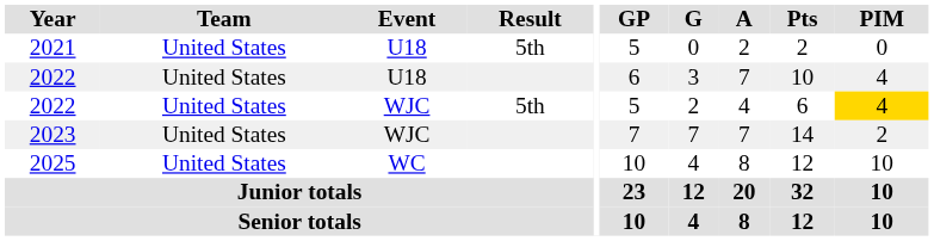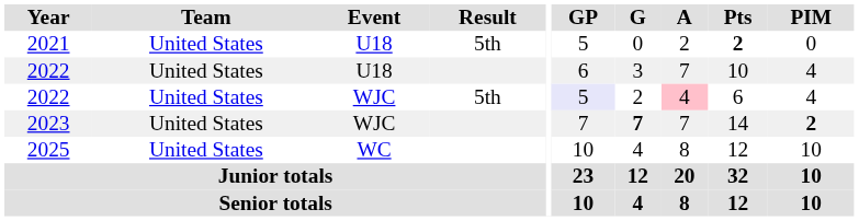 <table border="0" cellpadding="1" cellspacing="0" ID="Table3" style="text-align:center; width:40em;">
 <tr bgcolor="#e0e0e0">
 <th>Year</th>
 <th>Team</th>
 <th>Event</th>
 <th>Result</th>
 <th rowspan="99" bgcolor="#ffffff"></th>
 <th>GP</th>
 <th>G</th>
 <th>A</th>
 <th>Pts</th>
 <th>PIM</th>
 </tr>
 <tr>
 <td><a href='#'>2021</a></td>
 <td><a href='#'>United States</a></td>
 <td><a href='#'>U18</a></td>
 <td>5th</td>
 <td>5</td>
 <td>0</td>
 <td>2</td>
-<td>2</td>
+<td><strong>2</strong></td>
 <td>0</td>
 </tr>
 <tr bgcolor="#f0f0f0">
 <td><a href='#'>2022</a></td>
 <td>United States</td>
 <td>U18</td>
 <td></td>
 <td>6</td>
 <td>3</td>
 <td>7</td>
 <td>10</td>
 <td>4</td>
 </tr>
 <tr>
 <td><a href='#'>2022</a></td>
 <td><a href='#'>United States</a></td>
 <td><a href='#'>WJC</a></td>
 <td>5th</td>
-<td>5</td>
+<td style="background: lavender;">5</td>
 <td>2</td>
+<td style="background: pink;">4</td>
+<td>6</td>
 <td>4</td>
-<td>6</td>
-<td style="background: gold;">4</td>
 </tr>
 <tr bgcolor="#f0f0f0">
 <td><a href='#'>2023</a></td>
 <td>United States</td>
 <td>WJC</td>
 <td></td>
 <td>7</td>
-<td>7</td>
+<td><strong>7</strong></td>
 <td>7</td>
 <td>14</td>
-<td>2</td>
+<td><strong>2</strong></td>
 </tr>
 <tr>
 <td><a href='#'>2025</a></td>
 <td><a href='#'>United States</a></td>
 <td><a href='#'>WC</a></td>
 <td></td>
 <td>10</td>
 <td>4</td>
 <td>8</td>
 <td>12</td>
 <td>10</td>
 </tr>
 <tr bgcolor="#e0e0e0">
 <th colspan="4">Junior totals</th>
 <th>23</th>
 <th>12</th>
 <th>20</th>
 <th>32</th>
 <th>10</th>
 </tr>
 <tr bgcolor="#e0e0e0">
 <th colspan="4">Senior totals</th>
 <th>10</th>
 <th>4</th>
 <th>8</th>
 <th>12</th>
 <th>10</th>
 </tr>
 </table>
